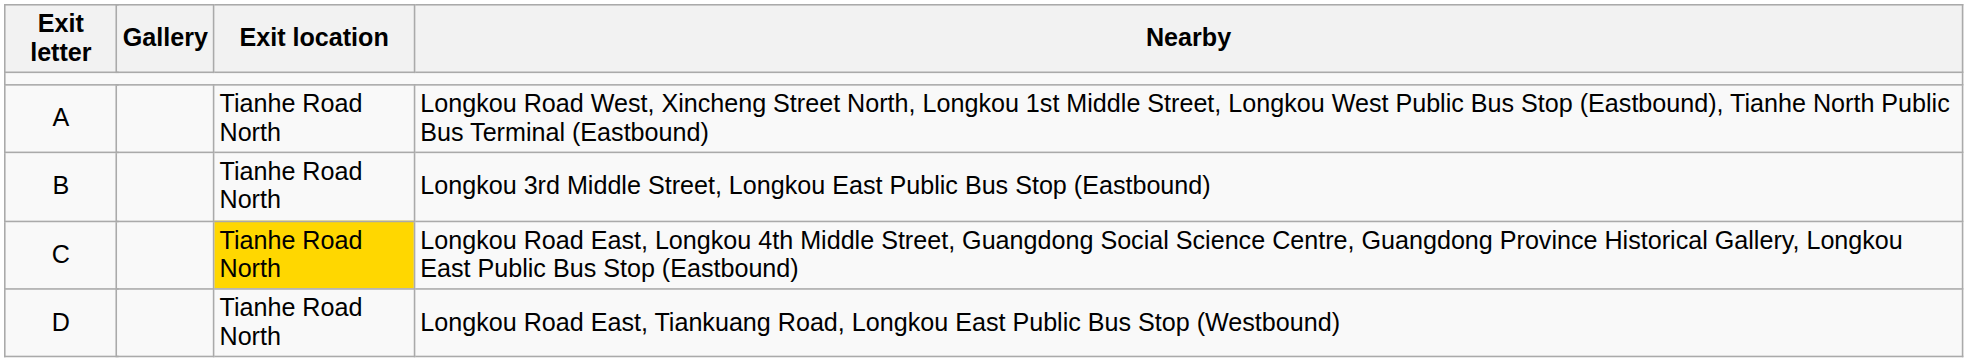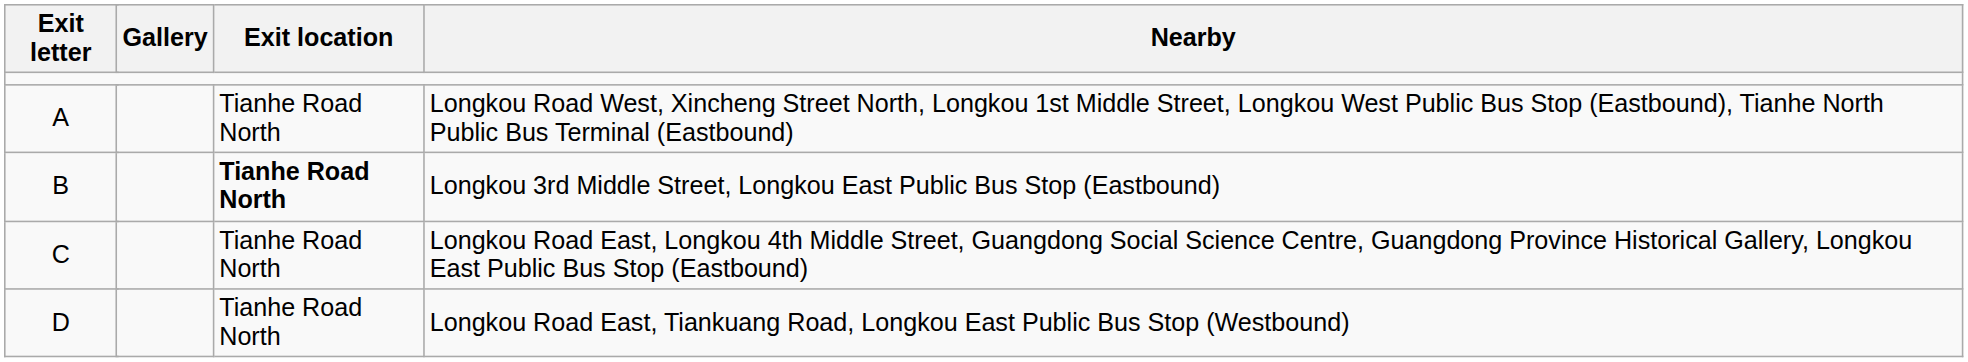 <table class="wikitable">
 <tr>
 <th style="width:70px" colspan="3">Exit letter</th>
 <th>Gallery</th>
 <th>Exit location</th>
 <th>Nearby</th>
 </tr>
 <tr style="background:#">
 <td colspan = "6"></td>
 </tr>
 <tr>
 <td align="center" colspan="3">A<br></td>
 <td><br></td>
 <td>Tianhe Road North</td>
 <td>Longkou Road West, Xincheng Street North, Longkou 1st Middle Street, Longkou West Public Bus Stop (Eastbound), Tianhe North Public Bus Terminal (Eastbound)</td>
 </tr>
 <tr>
 <td align="center" colspan="3">B<br></td>
 <td></td>
-<td>Tianhe Road North</td>
+<td><strong>Tianhe Road North</strong></td>
 <td>Longkou 3rd Middle Street, Longkou East Public Bus Stop (Eastbound)</td>
 </tr>
 <tr>
 <td align="center" colspan="3">C</td>
 <td></td>
-<td style="background: gold;">Tianhe Road North</td>
+<td>Tianhe Road North</td>
 <td>Longkou Road East, Longkou 4th Middle Street, Guangdong Social Science Centre, Guangdong Province Historical Gallery, Longkou East Public Bus Stop (Eastbound)</td>
 </tr>
 <tr>
 <td align="center" colspan="3">D</td>
 <td></td>
 <td>Tianhe Road North</td>
 <td>Longkou Road East, Tiankuang Road, Longkou East Public Bus Stop (Westbound)</td>
 </tr>
 </table>
